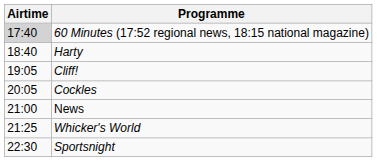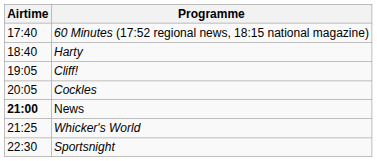 <table class="wikitable">
 <tr>
 <th>Airtime</th>
 <th>Programme</th>
 </tr>
 <tr>
-<td style="background: lightgrey;">17:40</td>
+<td>17:40</td>
 <td><em>60 Minutes</em> (17:52 regional news, 18:15 national magazine)</td>
 </tr>
 <tr>
 <td>18:40</td>
 <td><em>Harty</em></td>
 </tr>
 <tr>
 <td>19:05</td>
 <td><em>Cliff!</em></td>
 </tr>
 <tr>
 <td>20:05</td>
 <td><em>Cockles</em></td>
 </tr>
 <tr>
-<td>21:00</td>
+<td><strong>21:00</strong></td>
 <td>News</td>
 </tr>
 <tr>
 <td>21:25</td>
 <td><em>Whicker's World</em></td>
 </tr>
 <tr>
 <td>22:30</td>
 <td><em>Sportsnight</em></td>
 </tr>
 </table>
